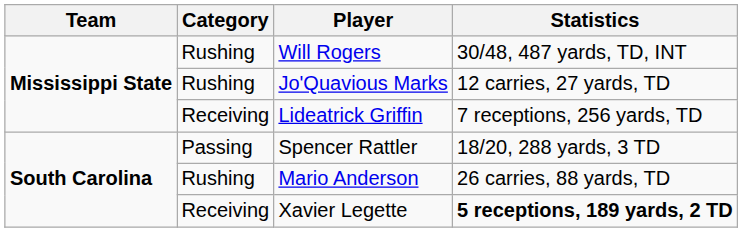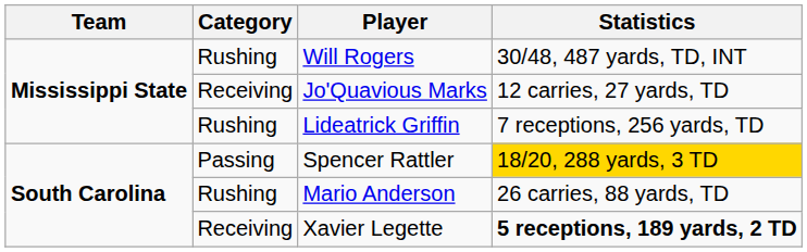 <table class="wikitable" style="float: right;">
 <tr>
 <th>Team</th>
 <th>Category</th>
 <th>Player</th>
 <th>Statistics</th>
 </tr>
 <tr>
 <td rowspan=3><strong>Mississippi State</strong></td>
 <td>Rushing</td>
 <td><a href='#'>Will Rogers</a></td>
 <td>30/48, 487 yards, TD, INT</td>
 </tr>
 <tr>
-<td>Rushing</td>
+<td>Receiving</td>
 <td><a href='#'>Jo'Quavious Marks</a></td>
 <td>12 carries, 27 yards, TD</td>
 </tr>
 <tr>
-<td>Receiving</td>
+<td>Rushing</td>
 <td><a href='#'>Lideatrick Griffin</a></td>
 <td>7 receptions, 256 yards, TD</td>
 </tr>
 <tr>
 <td rowspan=3><strong>South Carolina</strong></td>
 <td>Passing</td>
 <td>Spencer Rattler</td>
-<td>18/20, 288 yards, 3 TD</td>
+<td style="background: gold;">18/20, 288 yards, 3 TD</td>
 </tr>
 <tr>
 <td>Rushing</td>
 <td><a href='#'>Mario Anderson</a></td>
 <td>26 carries, 88 yards, TD</td>
 </tr>
 <tr>
 <td>Receiving</td>
 <td>Xavier Legette</td>
 <td><strong>5 receptions, 189 yards, 2 TD</strong></td>
 </tr>
 </table>
